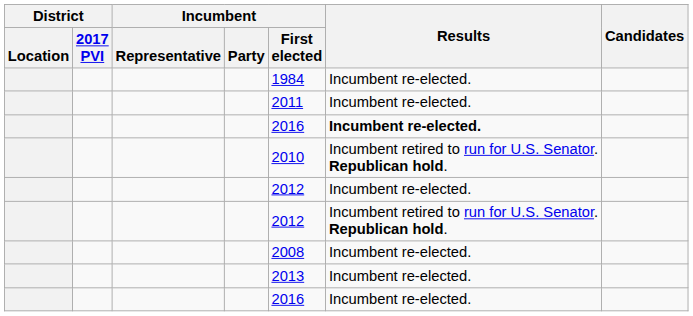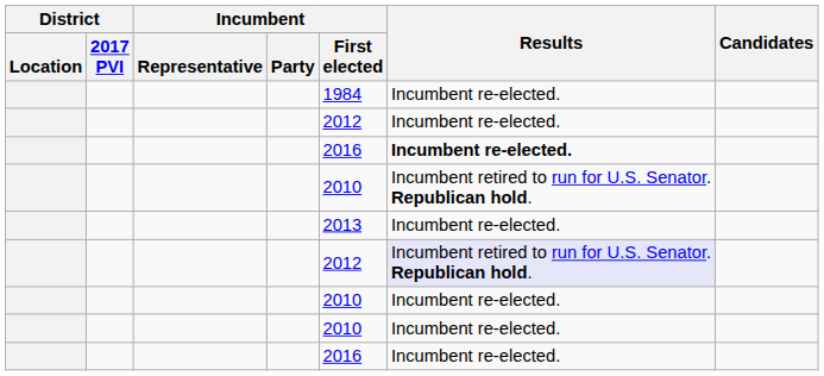 <table class="wikitable sortable">
 <tr>
 <th colspan=2>District</th>
 <th colspan=3>Incumbent</th>
 <th rowspan=2>Results</th>
 <th rowspan=2 class=unsortable>Candidates</th>
 </tr>
 <tr valign=bottom>
 <th>Location</th>
 <th><a href='#'>2017<br>PVI</a></th>
 <th>Representative</th>
 <th>Party</th>
 <th>First<br>elected</th>
 </tr>
 <tr>
 <th></th>
 <td></td>
 <td></td>
 <td></td>
 <td><a href='#'>1984</a></td>
 <td>Incumbent re-elected.</td>
 <td nowrap></td>
 </tr>
 <tr>
 <th></th>
 <td></td>
 <td></td>
 <td></td>
-<td><a href='#'>2011</a></td>
+<td><a href='#'>2012</a></td>
 <td>Incumbent re-elected.</td>
 <td nowrap></td>
 </tr>
 <tr>
 <th></th>
 <td></td>
 <td></td>
 <td></td>
 <td><a href='#'>2016</a></td>
 <td><strong>Incumbent re-elected.</strong></td>
 <td nowrap></td>
 </tr>
 <tr>
 <th></th>
 <td></td>
 <td></td>
 <td></td>
 <td><a href='#'>2010</a></td>
 <td>Incumbent retired to <a href='#'>run for U.S. Senator</a>.<br><strong>Republican hold</strong>.</td>
 <td nowrap></td>
 </tr>
 <tr>
 <th></th>
 <td></td>
 <td></td>
 <td></td>
-<td><a href='#'>2012</a></td>
+<td><a href='#'>2013</a></td>
 <td>Incumbent re-elected.</td>
 <td nowrap></td>
 </tr>
 <tr>
 <th></th>
 <td></td>
 <td></td>
 <td></td>
 <td><a href='#'>2012</a></td>
-<td>Incumbent retired to <a href='#'>run for U.S. Senator</a>.<br><strong>Republican hold</strong>.</td>
+<td style="background: lavender;">Incumbent retired to <a href='#'>run for U.S. Senator</a>.<br><strong>Republican hold</strong>.</td>
 <td nowrap></td>
 </tr>
 <tr>
 <th></th>
 <td></td>
 <td></td>
 <td></td>
-<td><a href='#'>2008 </a></td>
+<td><a href='#'>2010 </a></td>
 <td>Incumbent re-elected.</td>
 <td nowrap></td>
 </tr>
 <tr>
 <th></th>
 <td></td>
 <td></td>
 <td></td>
-<td><a href='#'>2013</a></td>
+<td><a href='#'>2010</a></td>
 <td>Incumbent re-elected.</td>
 <td nowrap></td>
 </tr>
 <tr>
 <th></th>
 <td></td>
 <td></td>
 <td></td>
 <td><a href='#'>2016</a></td>
 <td>Incumbent re-elected.</td>
 <td nowrap></td>
 </tr>
 </table>
